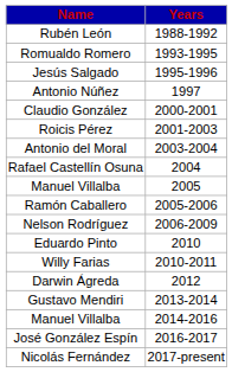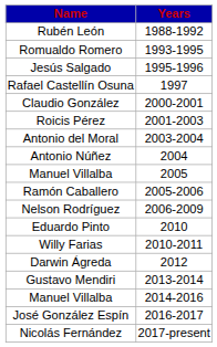 <table align=center border=1 cellpadding="2" cellspacing="0" style="background: #FFFFFF; border: 1px #aaa solid; border-collapse: collapse; font-size: 95%; text-align: center;">
 <tr align=center bgcolor=#0000A9 style="color:#cd0000;">
 <th>Name</th>
 <th>Years</th>
 </tr>
 <tr align=center>
 <td>Rubén León</td>
 <td>1988-1992</td>
 </tr>
 <tr align=center>
 <td>Romualdo Romero</td>
 <td>1993-1995</td>
 </tr>
 <tr align=center>
 <td>Jesús Salgado</td>
 <td>1995-1996</td>
 </tr>
 <tr align=center>
-<td>Antonio Núñez</td>
+<td>Rafael Castellín Osuna</td>
 <td>1997</td>
 </tr>
 <tr align=center>
 <td>Claudio González</td>
 <td>2000-2001</td>
 </tr>
 <tr align=center>
 <td>Roicis Pérez</td>
 <td>2001-2003</td>
 </tr>
 <tr align=center>
 <td>Antonio del Moral</td>
 <td>2003-2004</td>
 </tr>
 <tr align=center>
-<td>Rafael Castellín Osuna</td>
+<td>Antonio Núñez</td>
 <td>2004</td>
 </tr>
 <tr align=center>
 <td>Manuel Villalba</td>
 <td>2005</td>
 </tr>
 <tr align=center>
 <td>Ramón Caballero</td>
 <td>2005-2006</td>
 </tr>
 <tr align=center>
 <td>Nelson Rodríguez</td>
 <td>2006-2009</td>
 </tr>
 <tr align=center>
 <td>Eduardo Pinto</td>
 <td>2010</td>
 </tr>
 <tr align=center>
 <td>Willy Farias</td>
 <td>2010-2011</td>
 </tr>
 <tr align=center>
 <td>Darwin Ágreda</td>
 <td>2012</td>
 </tr>
 <tr align=center>
 <td>Gustavo Mendiri</td>
 <td>2013-2014</td>
 </tr>
 <tr align=center>
 <td>Manuel Villalba</td>
 <td>2014-2016</td>
 </tr>
 <tr align=center>
 <td>José González Espín</td>
 <td>2016-2017</td>
 </tr>
 <tr align=center>
 <td>Nicolás Fernández</td>
 <td>2017-present</td>
 </tr>
 </table>
